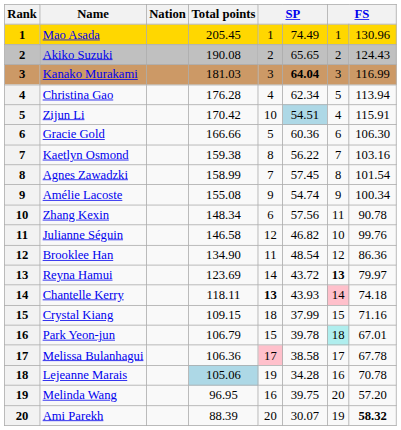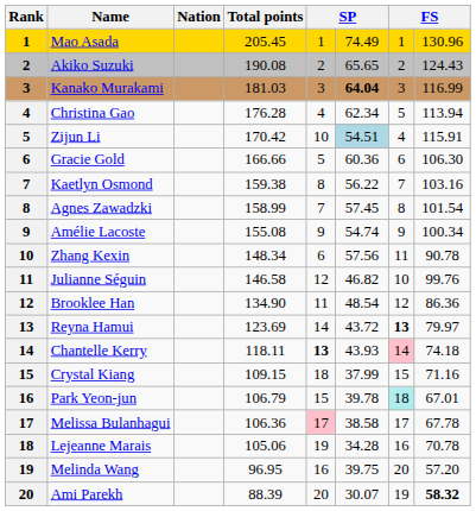 <table class="wikitable sortable">
 <tr>
 <th>Rank</th>
 <th>Name</th>
 <th>Nation</th>
 <th>Total points</th>
 <th colspan="2" width="80px"><a href='#'>SP</a></th>
 <th colspan="2" width="80px"><a href='#'>FS</a></th>
 </tr>
 <tr bgcolor="gold">
 <td align="center"><strong>1</strong></td>
 <td><a href='#'>Mao Asada</a></td>
 <td></td>
 <td align="center">205.45</td>
 <td align="center">1</td>
 <td align="center">74.49</td>
 <td align="center">1</td>
 <td align="center">130.96</td>
 </tr>
 <tr bgcolor="silver">
 <td align="center"><strong>2</strong></td>
 <td><a href='#'>Akiko Suzuki</a></td>
 <td></td>
 <td align="center">190.08</td>
 <td align="center">2</td>
 <td align="center">65.65</td>
 <td align="center">2</td>
 <td align="center">124.43</td>
 </tr>
 <tr bgcolor="cc9966">
 <td align="center"><strong>3</strong></td>
 <td><a href='#'>Kanako Murakami</a></td>
 <td></td>
 <td align="center">181.03</td>
 <td align="center">3</td>
 <td align="center"><strong>64.04</strong></td>
 <td align="center">3</td>
 <td align="center">116.99</td>
 </tr>
 <tr>
 <th>4</th>
 <td><a href='#'>Christina Gao</a></td>
 <td></td>
 <td align="center">176.28</td>
 <td align="center">4</td>
 <td align="center">62.34</td>
 <td align="center">5</td>
 <td align="center">113.94</td>
 </tr>
 <tr>
 <th>5</th>
 <td><a href='#'>Zijun Li</a></td>
 <td></td>
 <td align="center">170.42</td>
 <td align="center">10</td>
 <td align="center" style="background: lightblue;">54.51</td>
 <td align="center">4</td>
 <td align="center">115.91</td>
 </tr>
 <tr>
 <th>6</th>
 <td><a href='#'>Gracie Gold</a></td>
 <td></td>
 <td align="center">166.66</td>
 <td align="center">5</td>
 <td align="center">60.36</td>
 <td align="center">6</td>
 <td align="center">106.30</td>
 </tr>
 <tr>
 <th>7</th>
 <td><a href='#'>Kaetlyn Osmond</a></td>
 <td></td>
 <td align="center">159.38</td>
 <td align="center">8</td>
 <td align="center">56.22</td>
 <td align="center">7</td>
 <td align="center">103.16</td>
 </tr>
 <tr>
 <th>8</th>
 <td><a href='#'>Agnes Zawadzki</a></td>
 <td></td>
 <td align="center">158.99</td>
 <td align="center">7</td>
 <td align="center">57.45</td>
 <td align="center">8</td>
 <td align="center">101.54</td>
 </tr>
 <tr>
 <th>9</th>
 <td><a href='#'>Amélie Lacoste</a></td>
 <td></td>
 <td align="center">155.08</td>
 <td align="center">9</td>
 <td align="center">54.74</td>
 <td align="center">9</td>
 <td align="center">100.34</td>
 </tr>
 <tr>
 <th>10</th>
 <td><a href='#'>Zhang Kexin</a></td>
 <td></td>
 <td align="center">148.34</td>
 <td align="center">6</td>
 <td align="center">57.56</td>
 <td align="center">11</td>
 <td align="center">90.78</td>
 </tr>
 <tr>
 <th>11</th>
 <td><a href='#'>Julianne Séguin</a></td>
 <td></td>
 <td align="center">146.58</td>
 <td align="center">12</td>
 <td align="center">46.82</td>
 <td align="center">10</td>
 <td align="center">99.76</td>
 </tr>
 <tr>
 <th>12</th>
 <td><a href='#'>Brooklee Han</a></td>
 <td></td>
 <td align="center">134.90</td>
 <td align="center">11</td>
 <td align="center">48.54</td>
 <td align="center">12</td>
 <td align="center">86.36</td>
 </tr>
 <tr>
 <th>13</th>
 <td><a href='#'>Reyna Hamui</a></td>
 <td></td>
 <td align="center">123.69</td>
 <td align="center">14</td>
 <td align="center">43.72</td>
 <td align="center"><strong>13</strong></td>
 <td align="center">79.97</td>
 </tr>
 <tr>
 <th>14</th>
 <td><a href='#'>Chantelle Kerry</a></td>
 <td></td>
 <td align="center">118.11</td>
 <td align="center"><strong>13</strong></td>
 <td align="center">43.93</td>
 <td align="center" style="background: pink;">14</td>
 <td align="center">74.18</td>
 </tr>
 <tr>
 <th>15</th>
 <td><a href='#'>Crystal Kiang</a></td>
 <td></td>
 <td align="center">109.15</td>
 <td align="center">18</td>
 <td align="center">37.99</td>
 <td align="center">15</td>
 <td align="center">71.16</td>
 </tr>
 <tr>
 <th>16</th>
 <td><a href='#'>Park Yeon-jun</a></td>
 <td></td>
 <td align="center">106.79</td>
 <td align="center">15</td>
 <td align="center">39.78</td>
 <td align="center" style="background: paleturquoise;">18</td>
 <td align="center">67.01</td>
 </tr>
 <tr>
 <th>17</th>
 <td><a href='#'>Melissa Bulanhagui</a></td>
 <td></td>
 <td align="center">106.36</td>
 <td align="center" style="background: pink;">17</td>
 <td align="center">38.58</td>
 <td align="center">17</td>
 <td align="center">67.78</td>
 </tr>
 <tr>
 <th>18</th>
 <td><a href='#'>Lejeanne Marais</a></td>
 <td></td>
-<td align="center" style="background: lightblue;">105.06</td>
+<td align="center">105.06</td>
 <td align="center">19</td>
 <td align="center">34.28</td>
 <td align="center">16</td>
 <td align="center">70.78</td>
 </tr>
 <tr>
 <th>19</th>
 <td><a href='#'>Melinda Wang</a></td>
 <td></td>
 <td align="center">96.95</td>
 <td align="center">16</td>
 <td align="center">39.75</td>
 <td align="center">20</td>
 <td align="center">57.20</td>
 </tr>
 <tr>
 <th>20</th>
 <td><a href='#'>Ami Parekh</a></td>
 <td></td>
 <td align="center">88.39</td>
 <td align="center">20</td>
 <td align="center">30.07</td>
 <td align="center">19</td>
 <td align="center"><strong>58.32</strong></td>
 </tr>
 </table>
